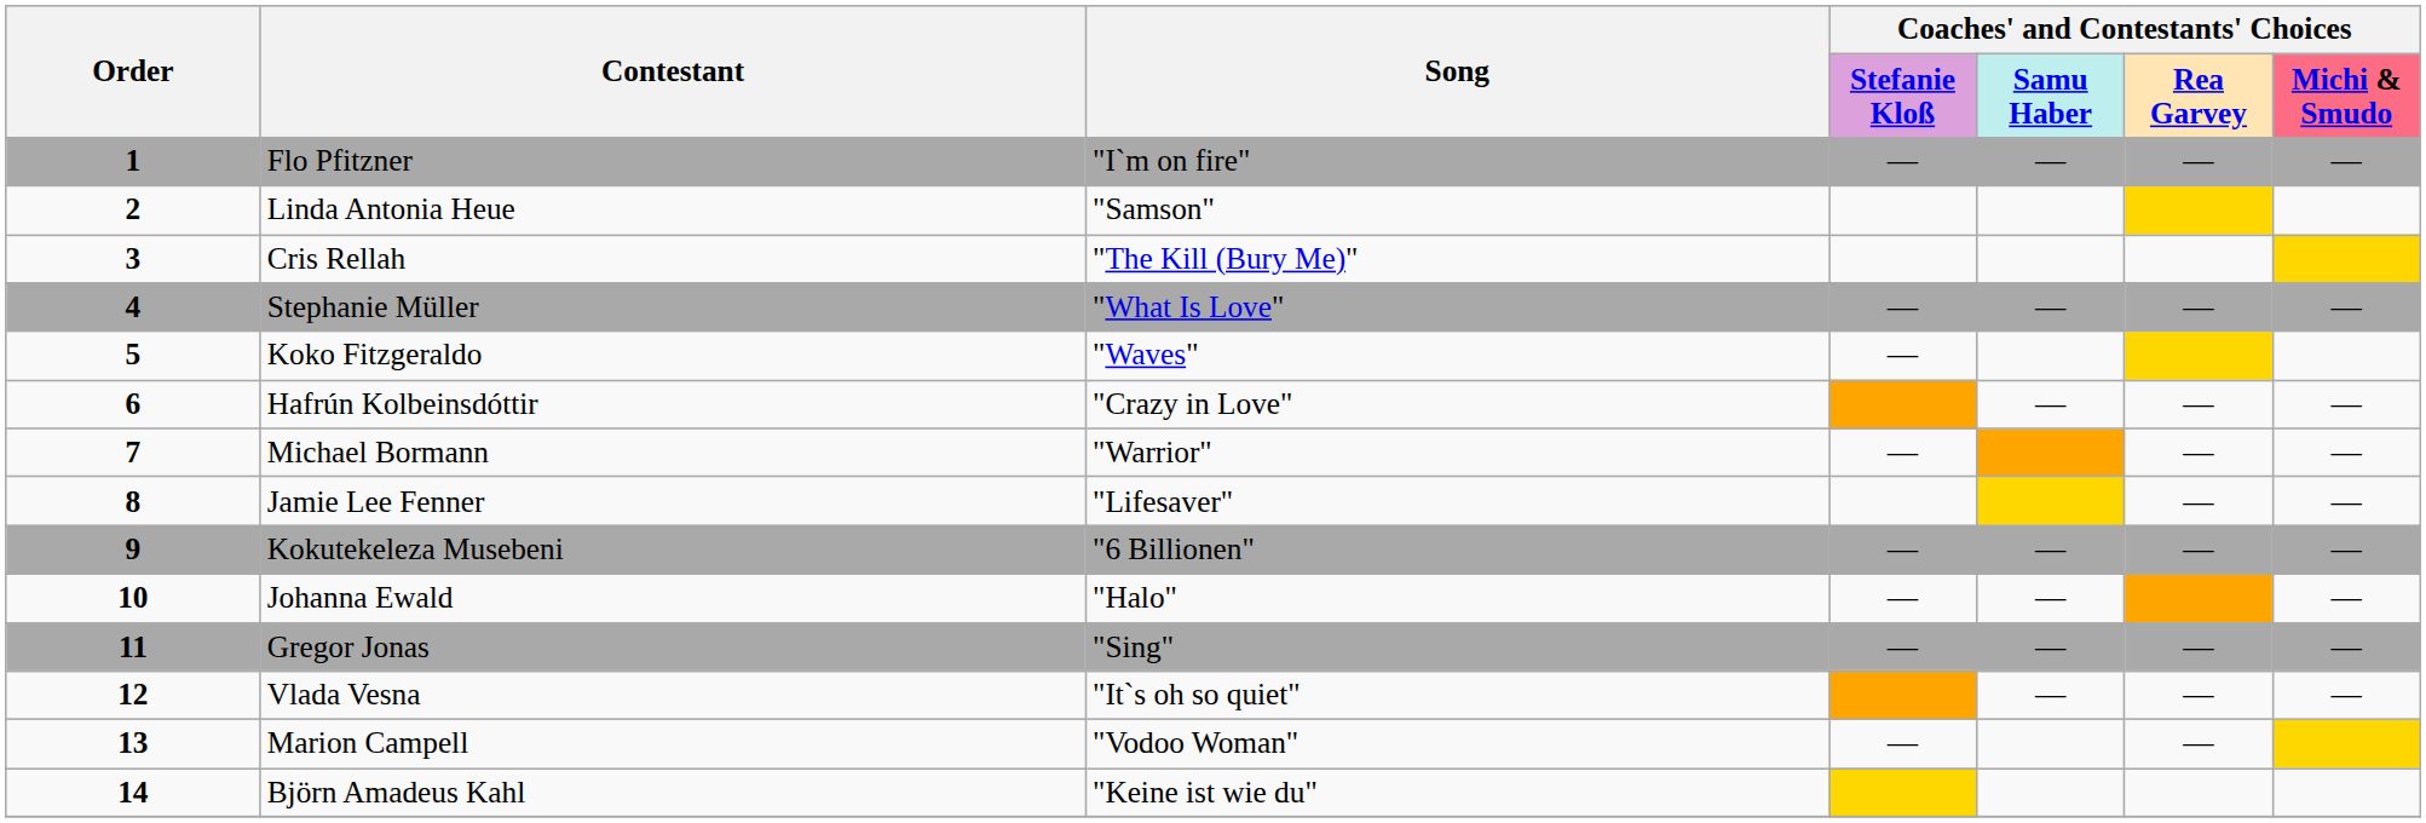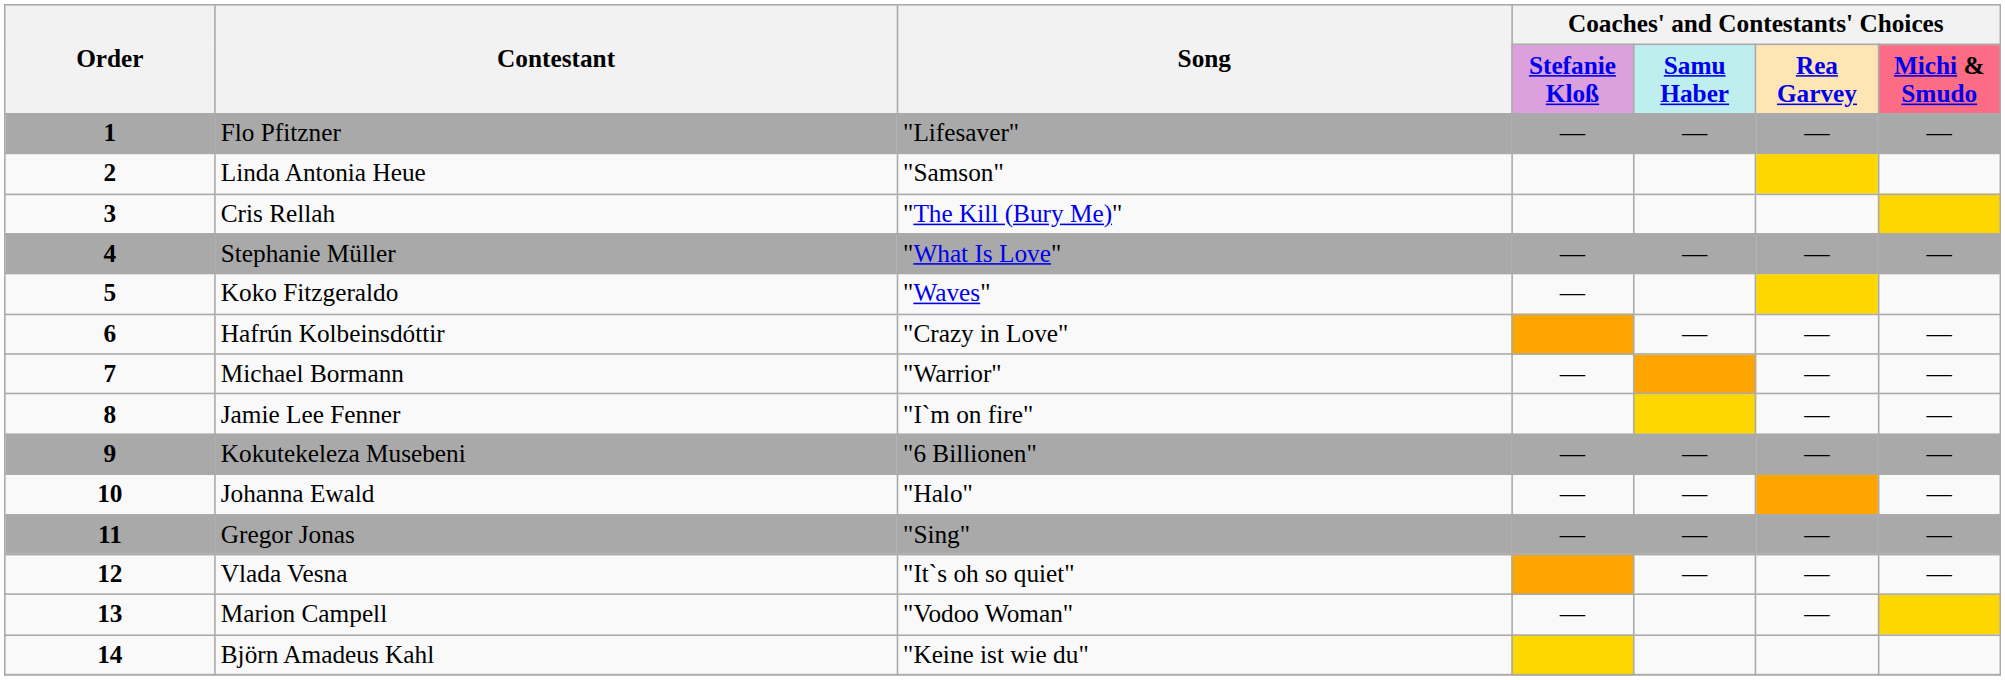 <table class="wikitable" style="width:100%;">
 <tr>
 <th rowspan=2>Order</th>
 <th rowspan=2>Contestant</th>
 <th rowspan=2>Song</th>
 <th colspan=4>Coaches' and Contestants' Choices</th>
 </tr>
 <tr>
 <th style="background-color:#dca0dc" width="70"><a href='#'>Stefanie Kloß</a></th>
 <th style="background-color:#bfeeee" width="70"><a href='#'>Samu Haber</a></th>
 <th style="background-color:#ffe5b4" width="70"><a href='#'>Rea Garvey</a></th>
 <th style="background-color:#FC6C85" width="70"><a href='#'>Michi</a> & <a href='#'>Smudo</a></th>
 </tr>
 <tr>
 </tr>
 <tr bgcolor=darkgrey>
 <td align="center"><strong>1</strong></td>
 <td>Flo Pfitzner</td>
-<td>"I`m on fire"</td>
+<td>"Lifesaver"</td>
 <td align="center">—</td>
 <td align="center">—</td>
 <td align="center">—</td>
 <td align="center">—</td>
 </tr>
 <tr>
 <td align="center"><strong>2</strong></td>
 <td>Linda Antonia Heue</td>
 <td>"Samson"</td>
 <td style=";text-align:center;"></td>
 <td style=";text-align:center;"></td>
 <td style="background:gold;text-align:center;"></td>
 <td style=";text-align:center;"></td>
 </tr>
 <tr>
 <td align="center"><strong>3</strong></td>
 <td>Cris Rellah</td>
 <td>"<a href='#'>The Kill (Bury Me)</a>"</td>
 <td style=";text-align:center;"></td>
 <td style=";text-align:center;"></td>
 <td style=";text-align:center;"></td>
 <td style="background:gold;text-align:center;"></td>
 </tr>
 <tr>
 </tr>
 <tr bgcolor=darkgrey>
 <td align="center"><strong>4</strong></td>
 <td>Stephanie Müller</td>
 <td>"<a href='#'>What Is Love</a>"</td>
 <td align="center">—</td>
 <td align="center">—</td>
 <td align="center">—</td>
 <td align="center">—</td>
 </tr>
 <tr>
 <td align="center"><strong>5</strong></td>
 <td>Koko Fitzgeraldo</td>
 <td>"<a href='#'>Waves</a>"</td>
 <td align="center">—</td>
 <td style=";text-align:center;"></td>
 <td style="background:gold;text-align:center;"></td>
 <td style=";text-align:center;"></td>
 </tr>
 <tr>
 <td align="center"><strong>6</strong></td>
 <td>Hafrún Kolbeinsdóttir</td>
 <td>"Crazy in Love"</td>
 <td style="background:orange;text-align:center;"></td>
 <td align="center">—</td>
 <td align="center">—</td>
 <td align="center">—</td>
 </tr>
 <tr>
 <td align="center"><strong>7</strong></td>
 <td>Michael Bormann</td>
 <td>"Warrior"</td>
 <td align="center">—</td>
 <td style="background:orange;text-align:center;"></td>
 <td align="center">—</td>
 <td align="center">—</td>
 </tr>
 <tr>
 <td align="center"><strong>8</strong></td>
 <td>Jamie Lee Fenner</td>
-<td>"Lifesaver"</td>
+<td>"I`m on fire"</td>
 <td style=";text-align:center;"></td>
 <td style="background:gold;text-align:center;"></td>
 <td align="center">—</td>
 <td align="center">—</td>
 </tr>
 <tr>
 </tr>
 <tr bgcolor=darkgrey>
 <td align="center"><strong>9</strong></td>
 <td>Kokutekeleza Musebeni</td>
 <td>"6 Billionen"</td>
 <td align="center">—</td>
 <td align="center">—</td>
 <td align="center">—</td>
 <td align="center">—</td>
 </tr>
 <tr>
 <td align="center"><strong>10</strong></td>
 <td>Johanna Ewald</td>
 <td>"Halo"</td>
 <td align="center">—</td>
 <td align="center">—</td>
 <td style="background:orange;text-align:center;"></td>
 <td align="center">—</td>
 </tr>
 <tr>
 </tr>
 <tr bgcolor=darkgrey>
 <td align="center"><strong>11</strong></td>
 <td>Gregor Jonas</td>
 <td>"Sing"</td>
 <td align="center">—</td>
 <td align="center">—</td>
 <td align="center">—</td>
 <td align="center">—</td>
 </tr>
 <tr>
 <td align="center"><strong>12</strong></td>
 <td>Vlada Vesna</td>
 <td>"It`s oh so quiet"</td>
 <td style="background:orange;text-align:center;"></td>
 <td align="center">—</td>
 <td align="center">—</td>
 <td align="center">—</td>
 </tr>
 <tr>
 <td align="center"><strong>13</strong></td>
 <td>Marion Campell</td>
 <td>"Vodoo Woman"</td>
 <td align="center">—</td>
 <td style=";text-align:center;"></td>
 <td align="center">—</td>
 <td style="background:gold;text-align:center;"></td>
 </tr>
 <tr>
 <td align="center"><strong>14</strong></td>
 <td>Björn Amadeus Kahl</td>
 <td>"Keine ist wie du"</td>
 <td style="background:gold;text-align:center;"></td>
 <td style=";text-align:center;"></td>
 <td style=";text-align:center;"></td>
 <td style=";text-align:center;"></td>
 </tr>
 <tr>
 </tr>
 </table>
